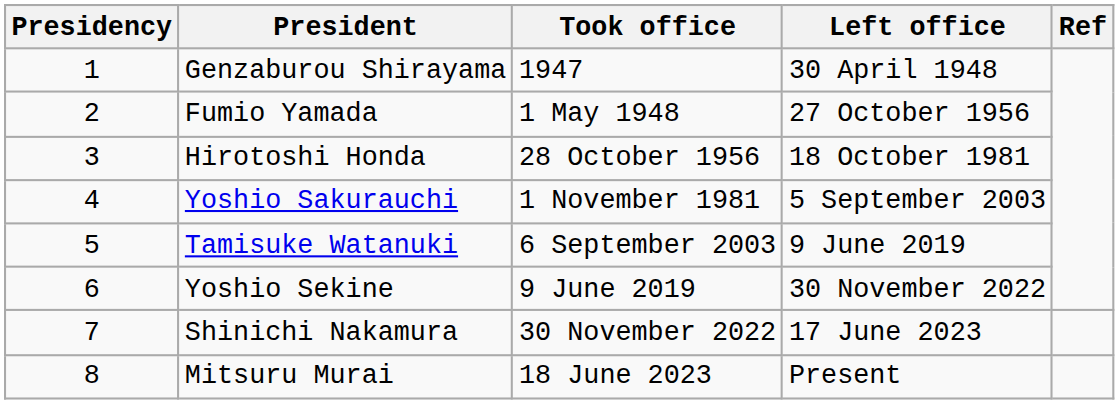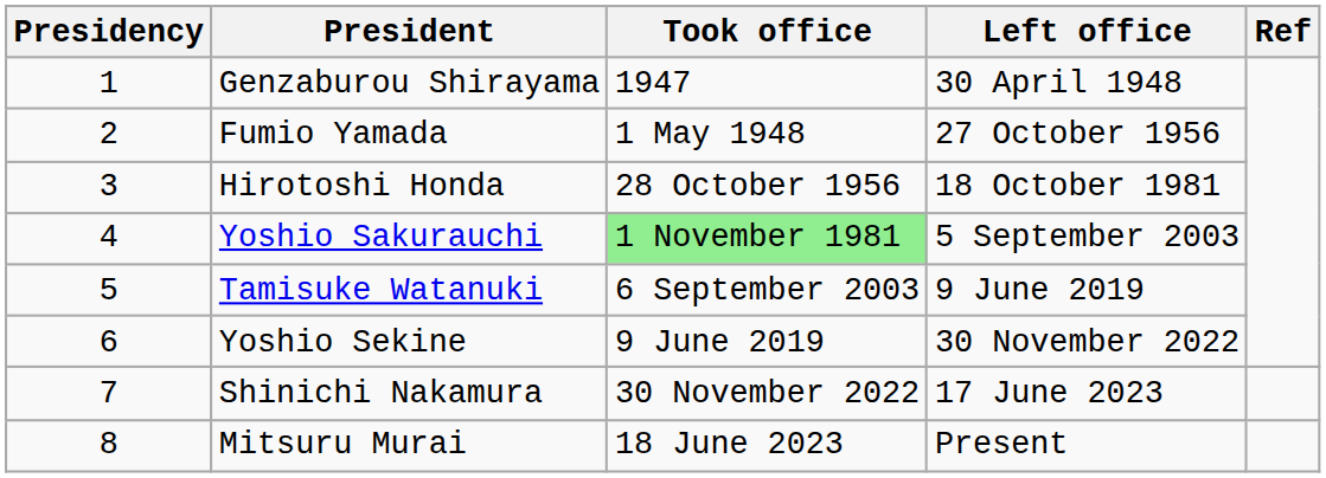 <table class="wikitable">
 <tr>
 <th>Presidency</th>
 <th>President</th>
 <th>Took office</th>
 <th>Left office</th>
 <th>Ref</th>
 </tr>
 <tr>
 <td style="text-align:center">1</td>
 <td>Genzaburou Shirayama</td>
 <td>1947</td>
 <td>30 April 1948</td>
 <td rowspan="6" style="text-align:center"></td>
 </tr>
 <tr>
 <td style="text-align:center">2</td>
 <td>Fumio Yamada</td>
 <td>1 May 1948</td>
 <td>27 October 1956</td>
 </tr>
 <tr>
 <td style="text-align:center">3</td>
 <td>Hirotoshi Honda</td>
 <td>28 October 1956</td>
 <td>18 October 1981</td>
 </tr>
 <tr>
 <td style="text-align:center">4</td>
 <td><a href='#'>Yoshio Sakurauchi</a></td>
-<td>1 November 1981</td>
+<td style="background: lightgreen;">1 November 1981</td>
 <td>5 September 2003</td>
 </tr>
 <tr>
 <td style="text-align:center">5</td>
 <td><a href='#'>Tamisuke Watanuki</a></td>
 <td>6 September 2003</td>
 <td>9 June 2019</td>
 </tr>
 <tr>
 <td style="text-align:center">6</td>
 <td>Yoshio Sekine</td>
 <td>9 June 2019</td>
 <td>30 November 2022</td>
 </tr>
 <tr>
 <td style="text-align:center">7</td>
 <td>Shinichi Nakamura</td>
 <td>30 November 2022</td>
 <td>17 June 2023</td>
 <td style="text-align:center"></td>
 </tr>
 <tr>
 <td style="text-align:center">8</td>
 <td>Mitsuru Murai</td>
 <td>18 June 2023</td>
 <td>Present</td>
 <td style="text-align:center"></td>
 </tr>
 </table>
